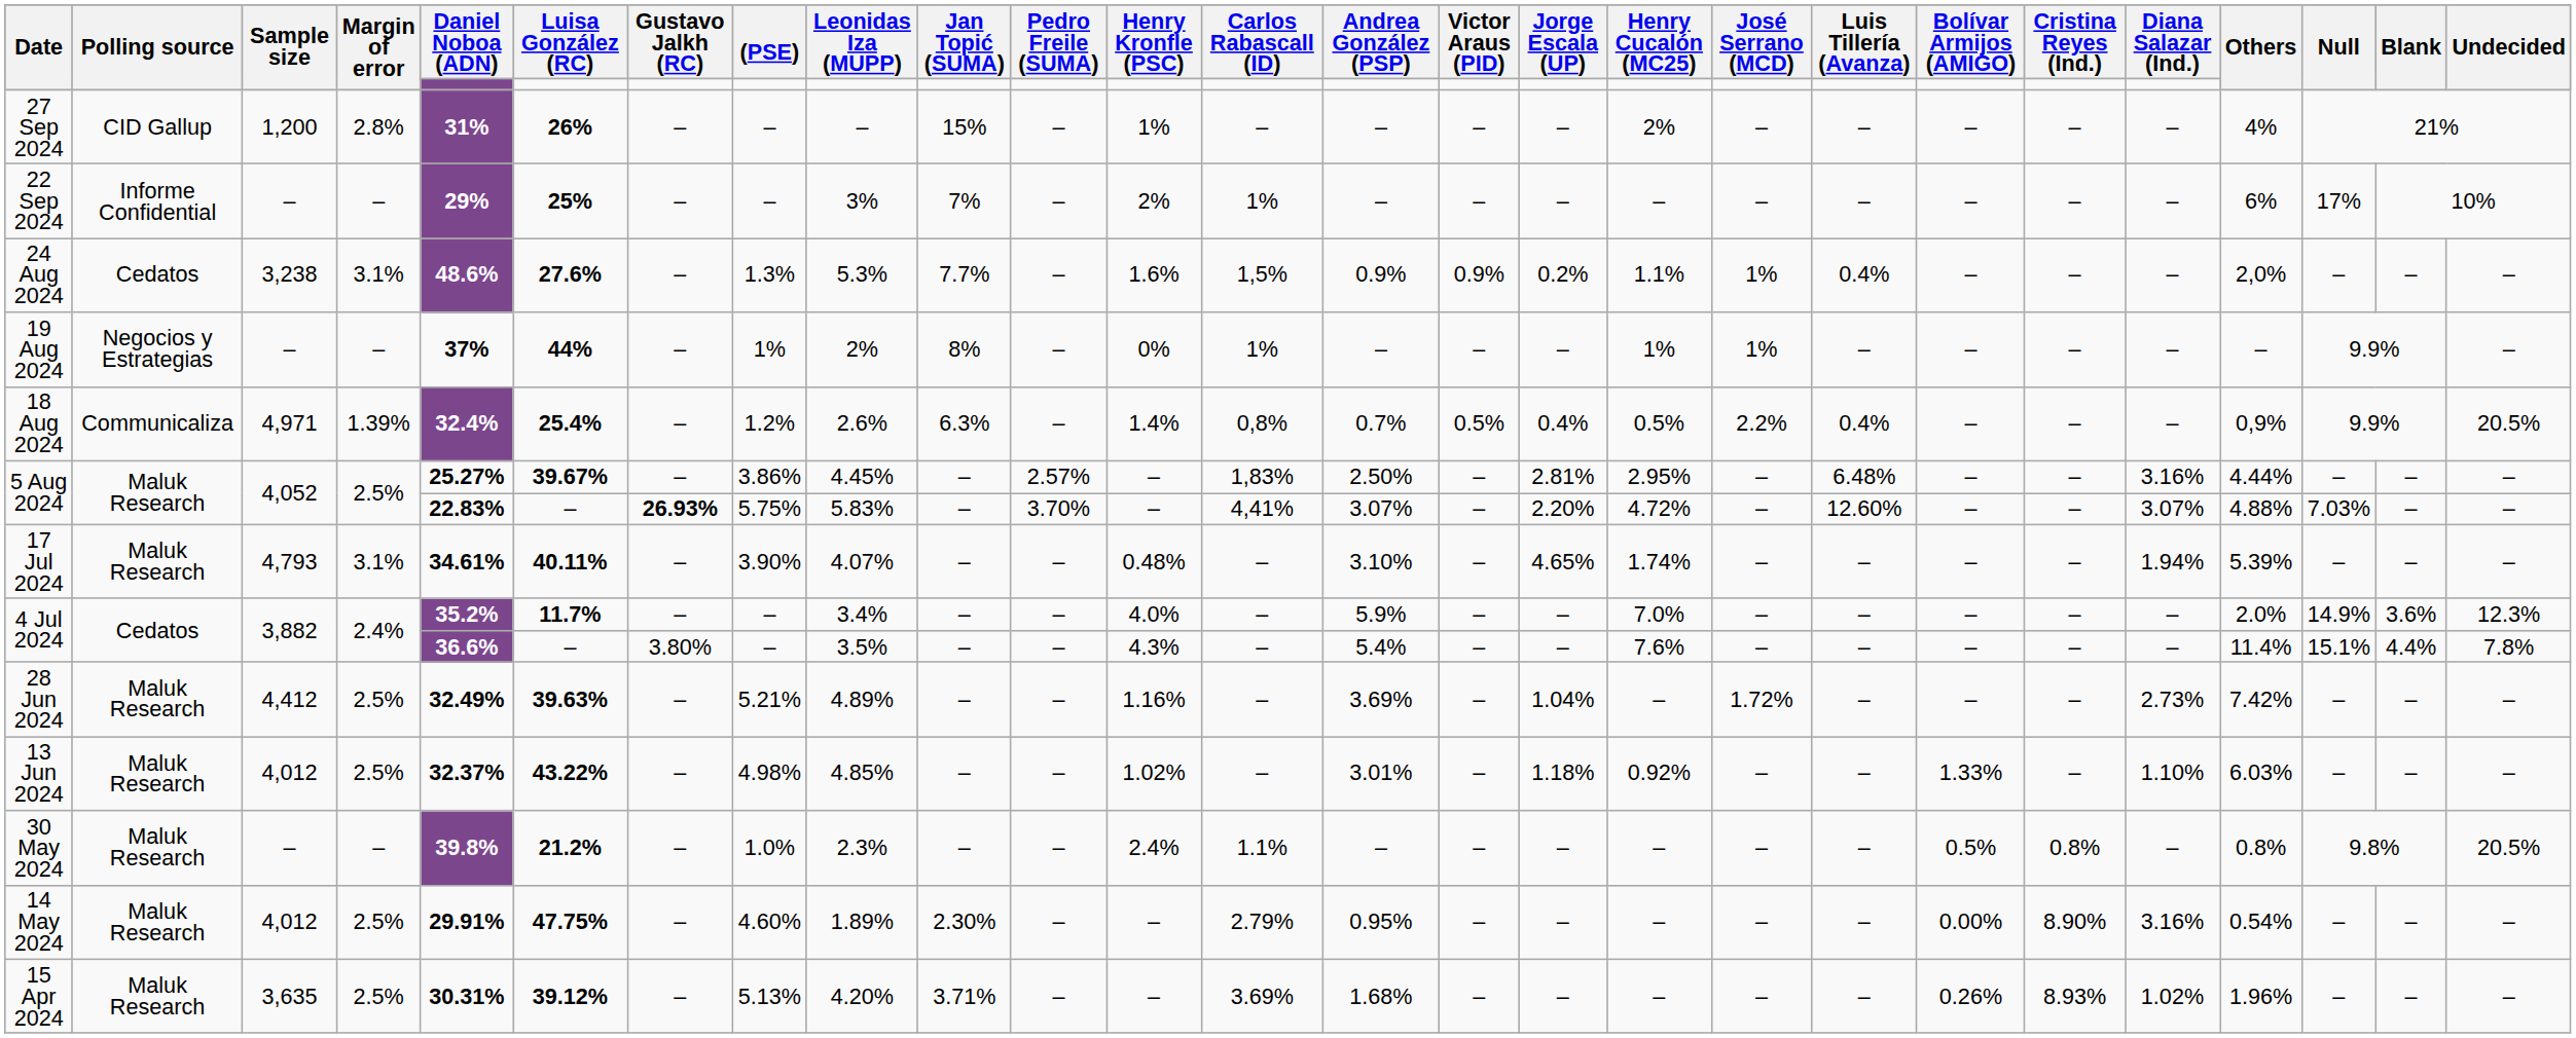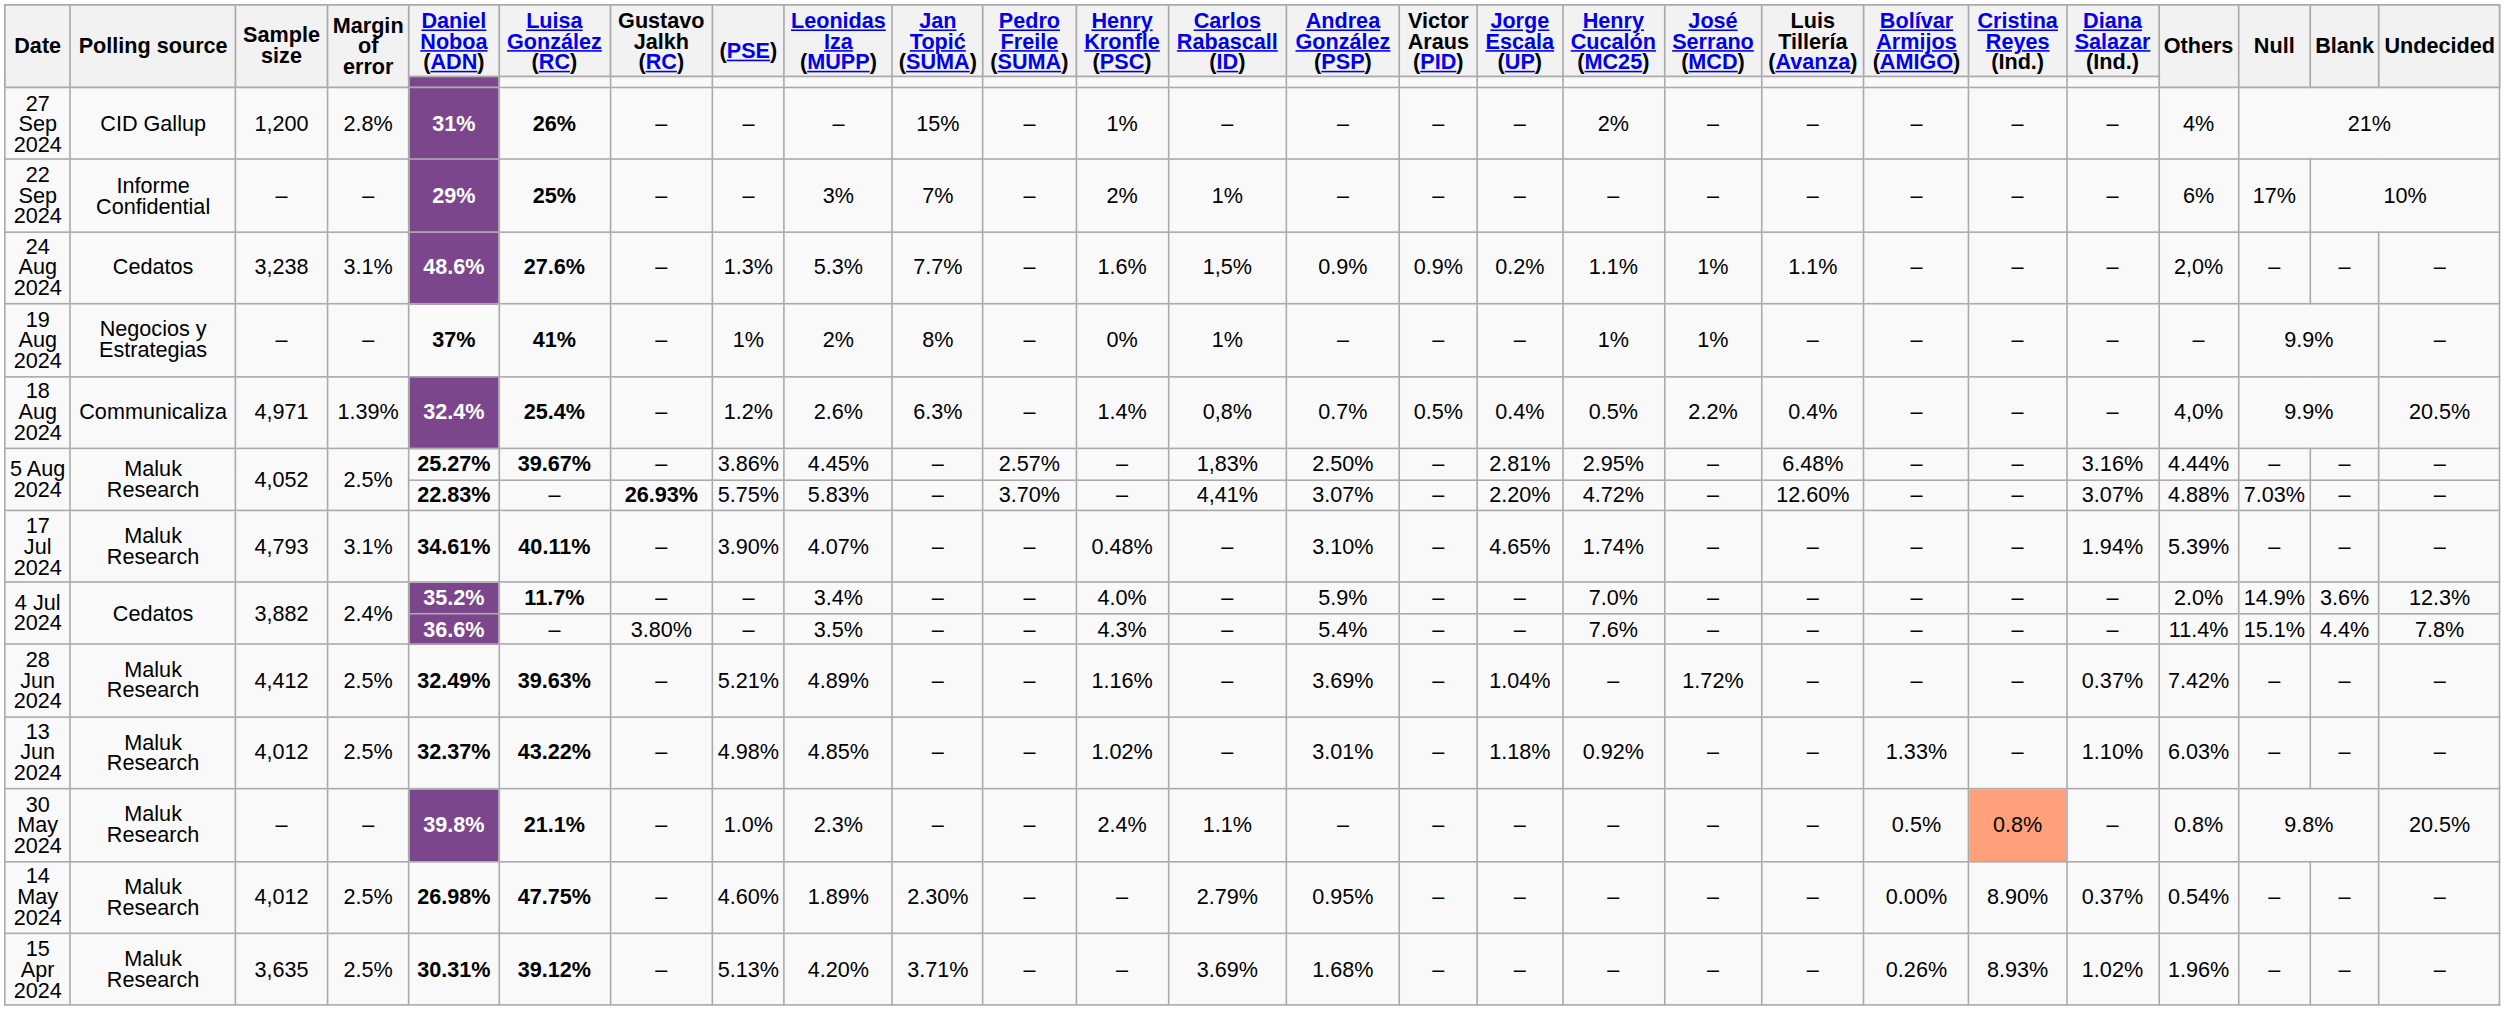 <table class="wikitable" style="text-align:center;font-size:85%;line-height:13px">
 <tr style="height:30px; background-color:#8B8B8B">
 <th rowspan=2>Date</th>
 <th rowspan=2>Polling source</th>
 <th rowspan=2>Sample size</th>
 <th rowspan=2>Margin<br>of error</th>
 <th><a href='#'>Daniel Noboa</a><br>(<a href='#'>ADN</a>)</th>
 <th><a href='#'>Luisa González</a><br>(<a href='#'>RC</a>)</th>
 <th>Gustavo Jalkh<br>(<a href='#'>RC</a>)</th>
 <th><br>(<a href='#'>PSE</a>)</th>
 <th><a href='#'>Leonidas Iza</a><br>(<a href='#'>MUPP</a>)</th>
 <th><a href='#'>Jan Topić</a><br>(<a href='#'>SUMA</a>)</th>
 <th><a href='#'>Pedro Freile</a><br>(<a href='#'>SUMA</a>)</th>
 <th><a href='#'>Henry Kronfle</a><br>(<a href='#'>PSC</a>)</th>
 <th><a href='#'>Carlos Rabascall</a><br>(<a href='#'>ID</a>)</th>
 <th><a href='#'>Andrea González</a><br>(<a href='#'>PSP</a>)</th>
 <th>Victor Araus<br>(<a href='#'>PID</a>)</th>
 <th><a href='#'>Jorge Escala</a><br>(<a href='#'>UP</a>)</th>
 <th><a href='#'>Henry Cucalón</a><br>(<a href='#'>MC25</a>)</th>
 <th><a href='#'>José Serrano</a><br>(<a href='#'>MCD</a>)</th>
 <th>Luis Tillería<br>(<a href='#'>Avanza</a>)</th>
 <th><a href='#'>Bolívar Armijos</a><br>(<a href='#'>AMIGO</a>)</th>
 <th><a href='#'>Cristina Reyes</a><br>(Ind.)</th>
 <th><a href='#'>Diana Salazar</a><br>(Ind.)</th>
 <th rowspan="2">Others</th>
 <th rowspan=2>Null</th>
 <th rowspan=2>Blank</th>
 <th rowspan=2>Undecided</th>
 </tr>
 <tr>
 <td bgcolor="#7C468D"></td>
 <td></td>
 <td></td>
 <td></td>
 <td></td>
 <td></td>
 <td></td>
 <td></td>
 <td></td>
 <td></td>
 <td></td>
 <td></td>
 <td></td>
 <td></td>
 <td></td>
 <td></td>
 <td></td>
 <td></td>
 </tr>
 <tr>
 <td>27 Sep 2024</td>
 <td>CID Gallup</td>
 <td>1,200</td>
 <td>2.8%</td>
 <td style="background:#7C468D;color:#FFFFFF;"><strong>31%</strong></td>
 <td><strong>26%</strong></td>
 <td>–</td>
 <td>–</td>
 <td>–</td>
 <td>15%</td>
 <td>–</td>
 <td>1%</td>
 <td>–</td>
 <td>–</td>
 <td>–</td>
 <td>–</td>
 <td>2%</td>
 <td>–</td>
 <td>–</td>
 <td>–</td>
 <td>–</td>
 <td>–</td>
 <td>4%</td>
 <td colspan="3">21%</td>
 </tr>
 <tr>
 <td>22 Sep 2024</td>
 <td>Informe Confidential</td>
 <td>–</td>
 <td>–</td>
 <td style="background:#7C468D;color:#FFFFFF;"><strong>29%</strong></td>
 <td><strong>25%</strong></td>
 <td>–</td>
 <td>–</td>
 <td>3%</td>
 <td>7%</td>
 <td>–</td>
 <td>2%</td>
 <td>1%</td>
 <td>–</td>
 <td>–</td>
 <td>–</td>
 <td>–</td>
 <td>–</td>
 <td>–</td>
 <td>–</td>
 <td>–</td>
 <td>–</td>
 <td>6%</td>
 <td>17%</td>
 <td colspan="2">10%</td>
 </tr>
 <tr>
 <td>24 Aug 2024</td>
 <td>Cedatos</td>
 <td>3,238</td>
 <td>3.1%</td>
 <td style="background:#7C468D;color:#FFFFFF;"><strong>48.6%</strong></td>
 <td><strong>27.6%</strong></td>
 <td>–</td>
 <td>1.3%</td>
 <td>5.3%</td>
 <td>7.7%</td>
 <td>–</td>
 <td>1.6%</td>
 <td>1,5%</td>
 <td>0.9%</td>
 <td>0.9%</td>
 <td>0.2%</td>
 <td>1.1%</td>
 <td>1%</td>
-<td>0.4%</td>
+<td>1.1%</td>
 <td>–</td>
 <td>–</td>
 <td>–</td>
 <td>2,0%</td>
 <td>–</td>
 <td>–</td>
 <td>–</td>
 </tr>
 <tr>
 <td>19 Aug 2024</td>
 <td>Negocios y Estrategias</td>
 <td>–</td>
 <td>–</td>
 <td><strong>37%</strong></td>
-<td style="background:"><strong>44%</strong></td>
+<td style="background:"><strong>41%</strong></td>
 <td>–</td>
 <td>1%</td>
 <td>2%</td>
 <td>8%</td>
 <td>–</td>
 <td>0%</td>
 <td>1%</td>
 <td>–</td>
 <td>–</td>
 <td>–</td>
 <td>1%</td>
 <td>1%</td>
 <td>–</td>
 <td>–</td>
 <td>–</td>
 <td>–</td>
 <td>–</td>
 <td colspan="2">9.9%</td>
 <td>–</td>
 </tr>
 <tr>
 <td>18 Aug 2024</td>
 <td>Communicaliza</td>
 <td>4,971</td>
 <td>1.39%</td>
 <td style="background:#7C468D;color:#FFFFFF;"><strong>32.4%</strong></td>
 <td><strong>25.4%</strong></td>
 <td>–</td>
 <td>1.2%</td>
 <td>2.6%</td>
 <td>6.3%</td>
 <td>–</td>
 <td>1.4%</td>
 <td>0,8%</td>
 <td>0.7%</td>
 <td>0.5%</td>
 <td>0.4%</td>
 <td>0.5%</td>
 <td>2.2%</td>
 <td>0.4%</td>
 <td>–</td>
 <td>–</td>
 <td>–</td>
-<td>0,9%</td>
+<td>4,0%</td>
 <td colspan="2">9.9%</td>
 <td>20.5%</td>
 </tr>
 <tr>
 <td rowspan="2">5 Aug 2024</td>
 <td rowspan="2">Maluk Research</td>
 <td rowspan="2">4,052</td>
 <td rowspan="2">2.5%</td>
 <td><strong>25.27%</strong></td>
 <td style="background:"><strong>39.67%</strong></td>
 <td>–</td>
 <td>3.86%</td>
 <td>4.45%</td>
 <td>–</td>
 <td>2.57%</td>
 <td>–</td>
 <td>1,83%</td>
 <td>2.50%</td>
 <td>–</td>
 <td>2.81%</td>
 <td>2.95%</td>
 <td>–</td>
 <td>6.48%</td>
 <td>–</td>
 <td>–</td>
 <td>3.16%</td>
 <td>4.44%</td>
 <td>–</td>
 <td>–</td>
 <td>–</td>
 </tr>
 <tr>
 <td><strong>22.83%</strong></td>
 <td>–</td>
 <td style="background:"><strong>26.93%</strong></td>
 <td>5.75%</td>
 <td>5.83%</td>
 <td>–</td>
 <td>3.70%</td>
 <td>–</td>
 <td>4,41%</td>
 <td>3.07%</td>
 <td>–</td>
 <td>2.20%</td>
 <td>4.72%</td>
 <td>–</td>
 <td>12.60%</td>
 <td>–</td>
 <td>–</td>
 <td>3.07%</td>
 <td>4.88%</td>
 <td>7.03%</td>
 <td>–</td>
 <td>–</td>
 </tr>
 <tr>
 <td>17 Jul 2024</td>
 <td>Maluk Research</td>
 <td>4,793</td>
 <td>3.1%</td>
 <td><strong>34.61%</strong></td>
 <td style="background:"><strong>40.11%</strong></td>
 <td>–</td>
 <td>3.90%</td>
 <td>4.07%</td>
 <td>–</td>
 <td>–</td>
 <td>0.48%</td>
 <td>–</td>
 <td>3.10%</td>
 <td>–</td>
 <td>4.65%</td>
 <td>1.74%</td>
 <td>–</td>
 <td>–</td>
 <td>–</td>
 <td>–</td>
 <td>1.94%</td>
 <td>5.39%</td>
 <td>–</td>
 <td>–</td>
 <td>–</td>
 </tr>
 <tr>
 <td rowspan="2">4 Jul 2024</td>
 <td rowspan="2">Cedatos</td>
 <td rowspan="2">3,882</td>
 <td rowspan="2">2.4%</td>
 <td style="background:#7C468D;color:#FFFFFF;"><strong>35.2%</strong></td>
 <td><strong>11.7%</strong></td>
 <td>–</td>
 <td>–</td>
 <td>3.4%</td>
 <td>–</td>
 <td>–</td>
 <td>4.0%</td>
 <td>–</td>
 <td>5.9%</td>
 <td>–</td>
 <td>–</td>
 <td>7.0%</td>
 <td>–</td>
 <td>–</td>
 <td>–</td>
 <td>–</td>
 <td>–</td>
 <td>2.0%</td>
 <td>14.9%</td>
 <td>3.6%</td>
 <td>12.3%</td>
 </tr>
 <tr>
 <td style="background:#7C468D;color:#FFFFFF;"><strong>36.6%</strong></td>
 <td>–</td>
 <td>3.80%</td>
 <td>–</td>
 <td>3.5%</td>
 <td>–</td>
 <td>–</td>
 <td>4.3%</td>
 <td>–</td>
 <td>5.4%</td>
 <td>–</td>
 <td>–</td>
 <td>7.6%</td>
 <td>–</td>
 <td>–</td>
 <td>–</td>
 <td>–</td>
 <td>–</td>
 <td>11.4%</td>
 <td>15.1%</td>
 <td>4.4%</td>
 <td>7.8%</td>
 </tr>
 <tr>
 <td>28 Jun 2024</td>
 <td>Maluk Research</td>
 <td>4,412</td>
 <td>2.5%</td>
 <td><strong>32.49%</strong></td>
 <td style="background:"><strong>39.63%</strong></td>
 <td>–</td>
 <td>5.21%</td>
 <td>4.89%</td>
 <td>–</td>
 <td>–</td>
 <td>1.16%</td>
 <td>–</td>
 <td>3.69%</td>
 <td>–</td>
 <td>1.04%</td>
 <td>–</td>
 <td>1.72%</td>
 <td>–</td>
 <td>–</td>
 <td>–</td>
-<td>2.73%</td>
+<td>0.37%</td>
 <td>7.42%</td>
 <td>–</td>
 <td>–</td>
 <td>–</td>
 </tr>
 <tr>
 <td>13 Jun 2024</td>
 <td>Maluk Research</td>
 <td>4,012</td>
 <td>2.5%</td>
 <td><strong>32.37%</strong></td>
 <td style="background:"><strong>43.22%</strong></td>
 <td>–</td>
 <td>4.98%</td>
 <td>4.85%</td>
 <td>–</td>
 <td>–</td>
 <td>1.02%</td>
 <td>–</td>
 <td>3.01%</td>
 <td>–</td>
 <td>1.18%</td>
 <td>0.92%</td>
 <td>–</td>
 <td>–</td>
 <td>1.33%</td>
 <td>–</td>
 <td>1.10%</td>
 <td>6.03%</td>
 <td>–</td>
 <td>–</td>
 <td>–</td>
 </tr>
 <tr>
 <td>30 May 2024</td>
 <td>Maluk Research</td>
 <td>–</td>
 <td>–</td>
 <td style="background:#7C468D;color:#FFFFFF;"><strong>39.8%</strong></td>
-<td><strong>21.2%</strong></td>
+<td><strong>21.1%</strong></td>
 <td>–</td>
 <td>1.0%</td>
 <td>2.3%</td>
 <td>–</td>
 <td>–</td>
 <td>2.4%</td>
 <td>1.1%</td>
 <td>–</td>
 <td>–</td>
 <td>–</td>
 <td>–</td>
 <td>–</td>
 <td>–</td>
 <td>0.5%</td>
-<td>0.8%</td>
+<td style="background: lightsalmon;">0.8%</td>
 <td>–</td>
 <td>0.8%</td>
 <td colspan="2">9.8%</td>
 <td>20.5%</td>
 </tr>
 <tr>
 <td>14 May 2024</td>
 <td>Maluk Research</td>
 <td>4,012</td>
 <td>2.5%</td>
-<td><strong>29.91%</strong></td>
+<td><strong>26.98%</strong></td>
 <td style="background:"><strong>47.75%</strong></td>
 <td>–</td>
 <td>4.60%</td>
 <td>1.89%</td>
 <td>2.30%</td>
 <td>–</td>
 <td>–</td>
 <td>2.79%</td>
 <td>0.95%</td>
 <td>–</td>
 <td>–</td>
 <td>–</td>
 <td>–</td>
 <td>–</td>
 <td>0.00%</td>
 <td>8.90%</td>
-<td>3.16%</td>
+<td>0.37%</td>
 <td>0.54%</td>
 <td>–</td>
 <td>–</td>
 <td>–</td>
 </tr>
 <tr>
 <td>15 Apr 2024</td>
 <td>Maluk Research</td>
 <td>3,635</td>
 <td>2.5%</td>
 <td><strong>30.31%</strong></td>
 <td style="background:"><strong>39.12%</strong></td>
 <td>–</td>
 <td>5.13%</td>
 <td>4.20%</td>
 <td>3.71%</td>
 <td>–</td>
 <td>–</td>
 <td>3.69%</td>
 <td>1.68%</td>
 <td>–</td>
 <td>–</td>
 <td>–</td>
 <td>–</td>
 <td>–</td>
 <td>0.26%</td>
 <td>8.93%</td>
 <td>1.02%</td>
 <td>1.96%</td>
 <td>–</td>
 <td>–</td>
 <td>–</td>
 </tr>
 </table>
